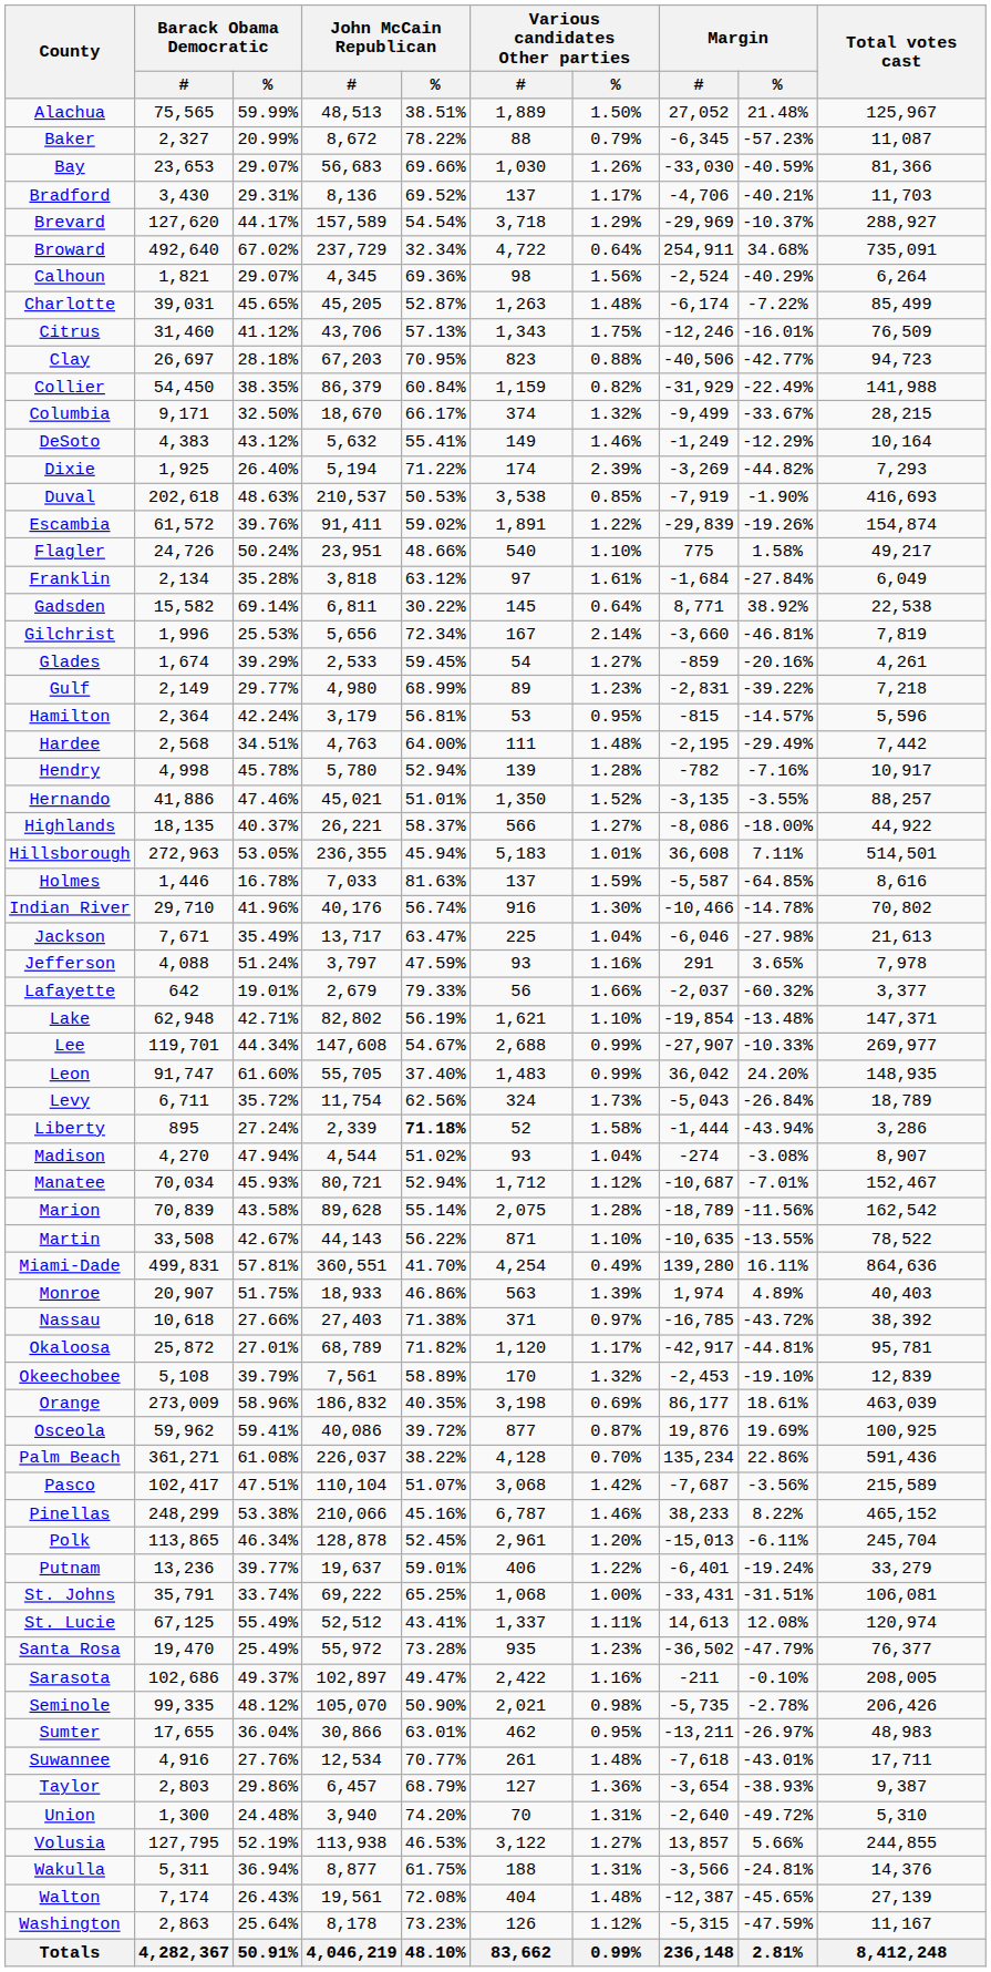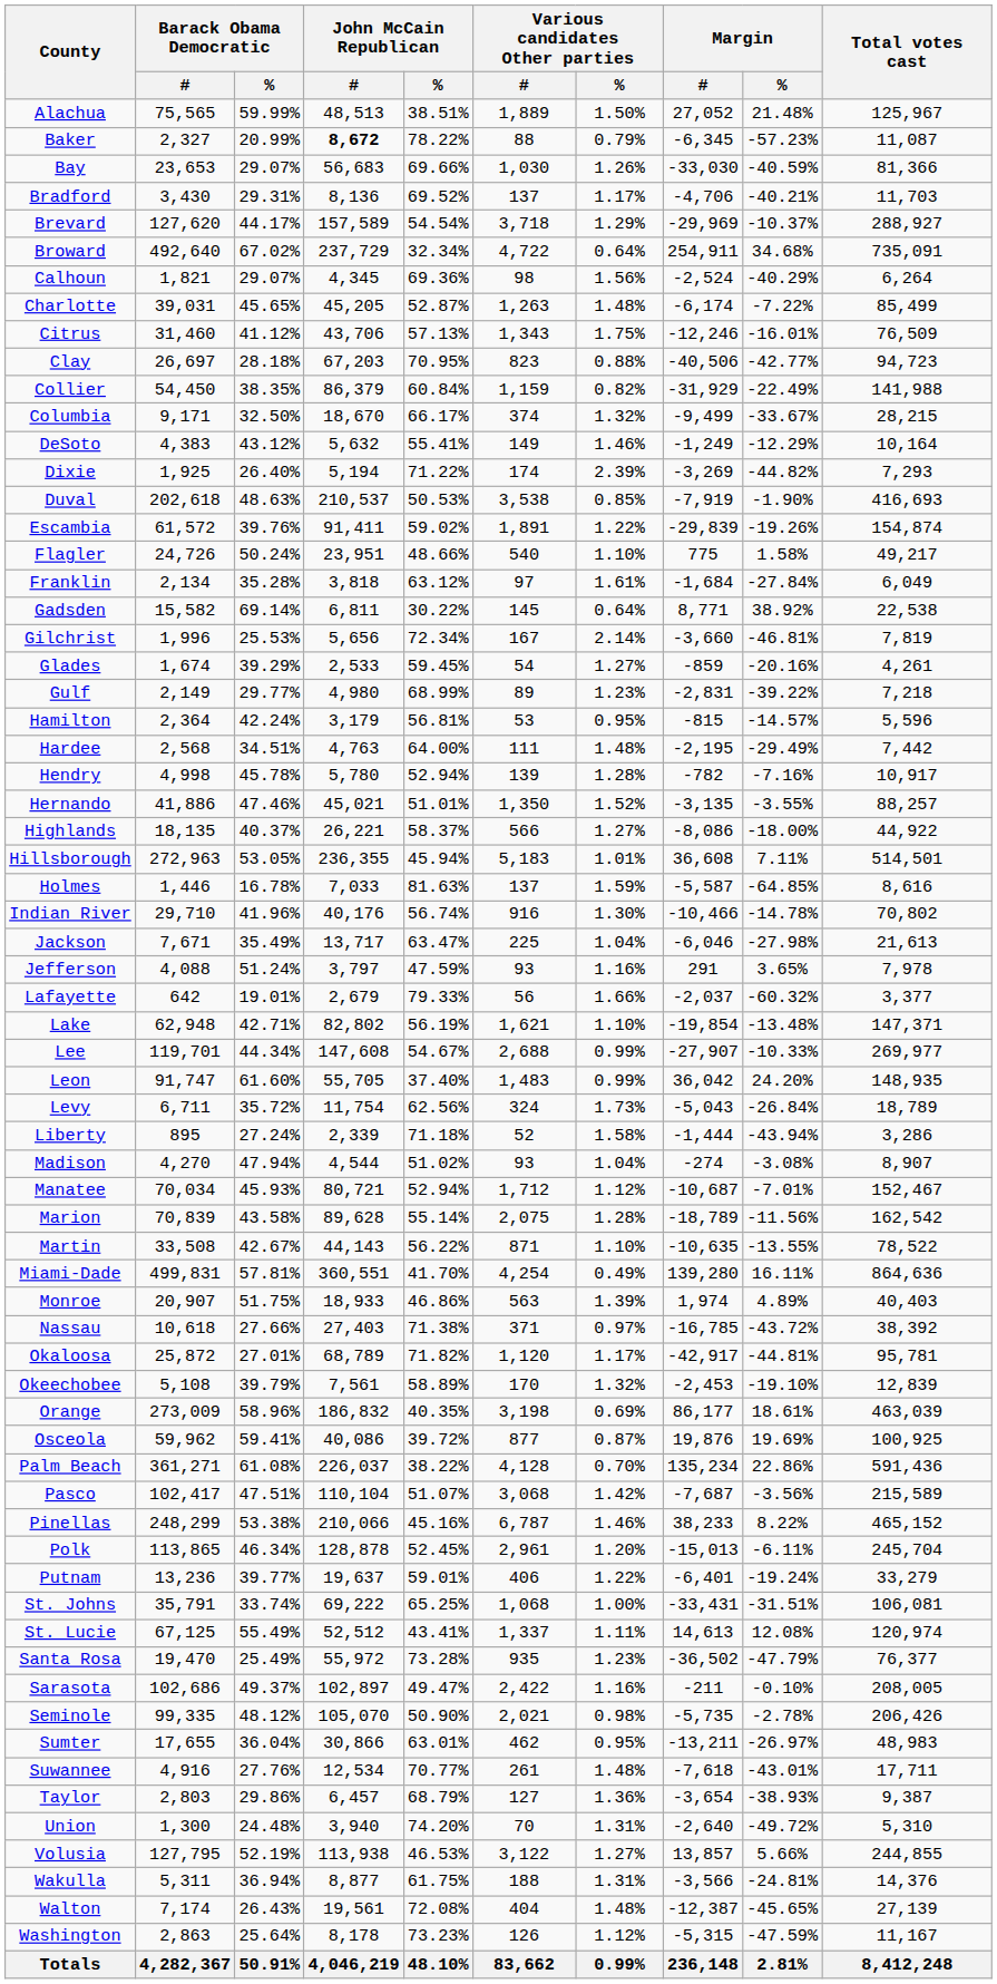 <table width="60%"  class="wikitable sortable" style="text-align:center">
 <tr>
 <th style="text-align:center;" rowspan="2">County</th>
 <th style="text-align:center;" colspan="2">Barack Obama<br>Democratic</th>
 <th style="text-align:center;" colspan="2">John McCain<br>Republican</th>
 <th style="text-align:center;" colspan="2">Various candidates<br>Other parties</th>
 <th style="text-align:center;" colspan="2">Margin</th>
 <th style="text-align:center;" rowspan="2">Total votes cast</th>
 </tr>
 <tr>
 <th style="text-align:center;" data-sort-type="number">#</th>
 <th style="text-align:center;" data-sort-type="number">%</th>
 <th style="text-align:center;" data-sort-type="number">#</th>
 <th style="text-align:center;" data-sort-type="number">%</th>
 <th style="text-align:center;" data-sort-type="number">#</th>
 <th style="text-align:center;" data-sort-type="number">%</th>
 <th style="text-align:center;" data-sort-type="number">#</th>
 <th style="text-align:center;" data-sort-type="number">%</th>
 </tr>
 <tr style="text-align:center;">
 <td><a href='#'>Alachua</a></td>
 <td>75,565</td>
 <td>59.99%</td>
 <td>48,513</td>
 <td>38.51%</td>
 <td>1,889</td>
 <td>1.50%</td>
 <td>27,052</td>
 <td>21.48%</td>
 <td>125,967</td>
 </tr>
 <tr style="text-align:center;">
 <td><a href='#'>Baker</a></td>
 <td>2,327</td>
 <td>20.99%</td>
-<td>8,672</td>
+<td><strong>8,672</strong></td>
 <td>78.22%</td>
 <td>88</td>
 <td>0.79%</td>
 <td>-6,345</td>
 <td>-57.23%</td>
 <td>11,087</td>
 </tr>
 <tr style="text-align:center;">
 <td><a href='#'>Bay</a></td>
 <td>23,653</td>
 <td>29.07%</td>
 <td>56,683</td>
 <td>69.66%</td>
 <td>1,030</td>
 <td>1.26%</td>
 <td>-33,030</td>
 <td>-40.59%</td>
 <td>81,366</td>
 </tr>
 <tr style="text-align:center;">
 <td><a href='#'>Bradford</a></td>
 <td>3,430</td>
 <td>29.31%</td>
 <td>8,136</td>
 <td>69.52%</td>
 <td>137</td>
 <td>1.17%</td>
 <td>-4,706</td>
 <td>-40.21%</td>
 <td>11,703</td>
 </tr>
 <tr style="text-align:center;">
 <td><a href='#'>Brevard</a></td>
 <td>127,620</td>
 <td>44.17%</td>
 <td>157,589</td>
 <td>54.54%</td>
 <td>3,718</td>
 <td>1.29%</td>
 <td>-29,969</td>
 <td>-10.37%</td>
 <td>288,927</td>
 </tr>
 <tr style="text-align:center;">
 <td><a href='#'>Broward</a></td>
 <td>492,640</td>
 <td>67.02%</td>
 <td>237,729</td>
 <td>32.34%</td>
 <td>4,722</td>
 <td>0.64%</td>
 <td>254,911</td>
 <td>34.68%</td>
 <td>735,091</td>
 </tr>
 <tr style="text-align:center;">
 <td><a href='#'>Calhoun</a></td>
 <td>1,821</td>
 <td>29.07%</td>
 <td>4,345</td>
 <td>69.36%</td>
 <td>98</td>
 <td>1.56%</td>
 <td>-2,524</td>
 <td>-40.29%</td>
 <td>6,264</td>
 </tr>
 <tr style="text-align:center;">
 <td><a href='#'>Charlotte</a></td>
 <td>39,031</td>
 <td>45.65%</td>
 <td>45,205</td>
 <td>52.87%</td>
 <td>1,263</td>
 <td>1.48%</td>
 <td>-6,174</td>
 <td>-7.22%</td>
 <td>85,499</td>
 </tr>
 <tr style="text-align:center;">
 <td><a href='#'>Citrus</a></td>
 <td>31,460</td>
 <td>41.12%</td>
 <td>43,706</td>
 <td>57.13%</td>
 <td>1,343</td>
 <td>1.75%</td>
 <td>-12,246</td>
 <td>-16.01%</td>
 <td>76,509</td>
 </tr>
 <tr style="text-align:center;">
 <td><a href='#'>Clay</a></td>
 <td>26,697</td>
 <td>28.18%</td>
 <td>67,203</td>
 <td>70.95%</td>
 <td>823</td>
 <td>0.88%</td>
 <td>-40,506</td>
 <td>-42.77%</td>
 <td>94,723</td>
 </tr>
 <tr style="text-align:center;">
 <td><a href='#'>Collier</a></td>
 <td>54,450</td>
 <td>38.35%</td>
 <td>86,379</td>
 <td>60.84%</td>
 <td>1,159</td>
 <td>0.82%</td>
 <td>-31,929</td>
 <td>-22.49%</td>
 <td>141,988</td>
 </tr>
 <tr style="text-align:center;">
 <td><a href='#'>Columbia</a></td>
 <td>9,171</td>
 <td>32.50%</td>
 <td>18,670</td>
 <td>66.17%</td>
 <td>374</td>
 <td>1.32%</td>
 <td>-9,499</td>
 <td>-33.67%</td>
 <td>28,215</td>
 </tr>
 <tr style="text-align:center;">
 <td><a href='#'>DeSoto</a></td>
 <td>4,383</td>
 <td>43.12%</td>
 <td>5,632</td>
 <td>55.41%</td>
 <td>149</td>
 <td>1.46%</td>
 <td>-1,249</td>
 <td>-12.29%</td>
 <td>10,164</td>
 </tr>
 <tr style="text-align:center;">
 <td><a href='#'>Dixie</a></td>
 <td>1,925</td>
 <td>26.40%</td>
 <td>5,194</td>
 <td>71.22%</td>
 <td>174</td>
 <td>2.39%</td>
 <td>-3,269</td>
 <td>-44.82%</td>
 <td>7,293</td>
 </tr>
 <tr style="text-align:center;">
 <td><a href='#'>Duval</a></td>
 <td>202,618</td>
 <td>48.63%</td>
 <td>210,537</td>
 <td>50.53%</td>
 <td>3,538</td>
 <td>0.85%</td>
 <td>-7,919</td>
 <td>-1.90%</td>
 <td>416,693</td>
 </tr>
 <tr style="text-align:center;">
 <td><a href='#'>Escambia</a></td>
 <td>61,572</td>
 <td>39.76%</td>
 <td>91,411</td>
 <td>59.02%</td>
 <td>1,891</td>
 <td>1.22%</td>
 <td>-29,839</td>
 <td>-19.26%</td>
 <td>154,874</td>
 </tr>
 <tr style="text-align:center;">
 <td><a href='#'>Flagler</a></td>
 <td>24,726</td>
 <td>50.24%</td>
 <td>23,951</td>
 <td>48.66%</td>
 <td>540</td>
 <td>1.10%</td>
 <td>775</td>
 <td>1.58%</td>
 <td>49,217</td>
 </tr>
 <tr style="text-align:center;">
 <td><a href='#'>Franklin</a></td>
 <td>2,134</td>
 <td>35.28%</td>
 <td>3,818</td>
 <td>63.12%</td>
 <td>97</td>
 <td>1.61%</td>
 <td>-1,684</td>
 <td>-27.84%</td>
 <td>6,049</td>
 </tr>
 <tr style="text-align:center;">
 <td><a href='#'>Gadsden</a></td>
 <td>15,582</td>
 <td>69.14%</td>
 <td>6,811</td>
 <td>30.22%</td>
 <td>145</td>
 <td>0.64%</td>
 <td>8,771</td>
 <td>38.92%</td>
 <td>22,538</td>
 </tr>
 <tr style="text-align:center;">
 <td><a href='#'>Gilchrist</a></td>
 <td>1,996</td>
 <td>25.53%</td>
 <td>5,656</td>
 <td>72.34%</td>
 <td>167</td>
 <td>2.14%</td>
 <td>-3,660</td>
 <td>-46.81%</td>
 <td>7,819</td>
 </tr>
 <tr style="text-align:center;">
 <td><a href='#'>Glades</a></td>
 <td>1,674</td>
 <td>39.29%</td>
 <td>2,533</td>
 <td>59.45%</td>
 <td>54</td>
 <td>1.27%</td>
 <td>-859</td>
 <td>-20.16%</td>
 <td>4,261</td>
 </tr>
 <tr style="text-align:center;">
 <td><a href='#'>Gulf</a></td>
 <td>2,149</td>
 <td>29.77%</td>
 <td>4,980</td>
 <td>68.99%</td>
 <td>89</td>
 <td>1.23%</td>
 <td>-2,831</td>
 <td>-39.22%</td>
 <td>7,218</td>
 </tr>
 <tr style="text-align:center;">
 <td><a href='#'>Hamilton</a></td>
 <td>2,364</td>
 <td>42.24%</td>
 <td>3,179</td>
 <td>56.81%</td>
 <td>53</td>
 <td>0.95%</td>
 <td>-815</td>
 <td>-14.57%</td>
 <td>5,596</td>
 </tr>
 <tr style="text-align:center;">
 <td><a href='#'>Hardee</a></td>
 <td>2,568</td>
 <td>34.51%</td>
 <td>4,763</td>
 <td>64.00%</td>
 <td>111</td>
 <td>1.48%</td>
 <td>-2,195</td>
 <td>-29.49%</td>
 <td>7,442</td>
 </tr>
 <tr style="text-align:center;">
 <td><a href='#'>Hendry</a></td>
 <td>4,998</td>
 <td>45.78%</td>
 <td>5,780</td>
 <td>52.94%</td>
 <td>139</td>
 <td>1.28%</td>
 <td>-782</td>
 <td>-7.16%</td>
 <td>10,917</td>
 </tr>
 <tr style="text-align:center;">
 <td><a href='#'>Hernando</a></td>
 <td>41,886</td>
 <td>47.46%</td>
 <td>45,021</td>
 <td>51.01%</td>
 <td>1,350</td>
 <td>1.52%</td>
 <td>-3,135</td>
 <td>-3.55%</td>
 <td>88,257</td>
 </tr>
 <tr style="text-align:center;">
 <td><a href='#'>Highlands</a></td>
 <td>18,135</td>
 <td>40.37%</td>
 <td>26,221</td>
 <td>58.37%</td>
 <td>566</td>
 <td>1.27%</td>
 <td>-8,086</td>
 <td>-18.00%</td>
 <td>44,922</td>
 </tr>
 <tr style="text-align:center;">
 <td><a href='#'>Hillsborough</a></td>
 <td>272,963</td>
 <td>53.05%</td>
 <td>236,355</td>
 <td>45.94%</td>
 <td>5,183</td>
 <td>1.01%</td>
 <td>36,608</td>
 <td>7.11%</td>
 <td>514,501</td>
 </tr>
 <tr style="text-align:center;">
 <td><a href='#'>Holmes</a></td>
 <td>1,446</td>
 <td>16.78%</td>
 <td>7,033</td>
 <td>81.63%</td>
 <td>137</td>
 <td>1.59%</td>
 <td>-5,587</td>
 <td>-64.85%</td>
 <td>8,616</td>
 </tr>
 <tr style="text-align:center;">
 <td><a href='#'>Indian River</a></td>
 <td>29,710</td>
 <td>41.96%</td>
 <td>40,176</td>
 <td>56.74%</td>
 <td>916</td>
 <td>1.30%</td>
 <td>-10,466</td>
 <td>-14.78%</td>
 <td>70,802</td>
 </tr>
 <tr style="text-align:center;">
 <td><a href='#'>Jackson</a></td>
 <td>7,671</td>
 <td>35.49%</td>
 <td>13,717</td>
 <td>63.47%</td>
 <td>225</td>
 <td>1.04%</td>
 <td>-6,046</td>
 <td>-27.98%</td>
 <td>21,613</td>
 </tr>
 <tr style="text-align:center;">
 <td><a href='#'>Jefferson</a></td>
 <td>4,088</td>
 <td>51.24%</td>
 <td>3,797</td>
 <td>47.59%</td>
 <td>93</td>
 <td>1.16%</td>
 <td>291</td>
 <td>3.65%</td>
 <td>7,978</td>
 </tr>
 <tr style="text-align:center;">
 <td><a href='#'>Lafayette</a></td>
 <td>642</td>
 <td>19.01%</td>
 <td>2,679</td>
 <td>79.33%</td>
 <td>56</td>
 <td>1.66%</td>
 <td>-2,037</td>
 <td>-60.32%</td>
 <td>3,377</td>
 </tr>
 <tr style="text-align:center;">
 <td><a href='#'>Lake</a></td>
 <td>62,948</td>
 <td>42.71%</td>
 <td>82,802</td>
 <td>56.19%</td>
 <td>1,621</td>
 <td>1.10%</td>
 <td>-19,854</td>
 <td>-13.48%</td>
 <td>147,371</td>
 </tr>
 <tr style="text-align:center;">
 <td><a href='#'>Lee</a></td>
 <td>119,701</td>
 <td>44.34%</td>
 <td>147,608</td>
 <td>54.67%</td>
 <td>2,688</td>
 <td>0.99%</td>
 <td>-27,907</td>
 <td>-10.33%</td>
 <td>269,977</td>
 </tr>
 <tr style="text-align:center;">
 <td><a href='#'>Leon</a></td>
 <td>91,747</td>
 <td>61.60%</td>
 <td>55,705</td>
 <td>37.40%</td>
 <td>1,483</td>
 <td>0.99%</td>
 <td>36,042</td>
 <td>24.20%</td>
 <td>148,935</td>
 </tr>
 <tr style="text-align:center;">
 <td><a href='#'>Levy</a></td>
 <td>6,711</td>
 <td>35.72%</td>
 <td>11,754</td>
 <td>62.56%</td>
 <td>324</td>
 <td>1.73%</td>
 <td>-5,043</td>
 <td>-26.84%</td>
 <td>18,789</td>
 </tr>
 <tr style="text-align:center;">
 <td><a href='#'>Liberty</a></td>
 <td>895</td>
 <td>27.24%</td>
 <td>2,339</td>
-<td><strong>71.18%</strong></td>
+<td>71.18%</td>
 <td>52</td>
 <td>1.58%</td>
 <td>-1,444</td>
 <td>-43.94%</td>
 <td>3,286</td>
 </tr>
 <tr style="text-align:center;">
 <td><a href='#'>Madison</a></td>
 <td>4,270</td>
 <td>47.94%</td>
 <td>4,544</td>
 <td>51.02%</td>
 <td>93</td>
 <td>1.04%</td>
 <td>-274</td>
 <td>-3.08%</td>
 <td>8,907</td>
 </tr>
 <tr style="text-align:center;">
 <td><a href='#'>Manatee</a></td>
 <td>70,034</td>
 <td>45.93%</td>
 <td>80,721</td>
 <td>52.94%</td>
 <td>1,712</td>
 <td>1.12%</td>
 <td>-10,687</td>
 <td>-7.01%</td>
 <td>152,467</td>
 </tr>
 <tr style="text-align:center;">
 <td><a href='#'>Marion</a></td>
 <td>70,839</td>
 <td>43.58%</td>
 <td>89,628</td>
 <td>55.14%</td>
 <td>2,075</td>
 <td>1.28%</td>
 <td>-18,789</td>
 <td>-11.56%</td>
 <td>162,542</td>
 </tr>
 <tr style="text-align:center;">
 <td><a href='#'>Martin</a></td>
 <td>33,508</td>
 <td>42.67%</td>
 <td>44,143</td>
 <td>56.22%</td>
 <td>871</td>
 <td>1.10%</td>
 <td>-10,635</td>
 <td>-13.55%</td>
 <td>78,522</td>
 </tr>
 <tr style="text-align:center;">
 <td><a href='#'>Miami-Dade</a></td>
 <td>499,831</td>
 <td>57.81%</td>
 <td>360,551</td>
 <td>41.70%</td>
 <td>4,254</td>
 <td>0.49%</td>
 <td>139,280</td>
 <td>16.11%</td>
 <td>864,636</td>
 </tr>
 <tr style="text-align:center;">
 <td><a href='#'>Monroe</a></td>
 <td>20,907</td>
 <td>51.75%</td>
 <td>18,933</td>
 <td>46.86%</td>
 <td>563</td>
 <td>1.39%</td>
 <td>1,974</td>
 <td>4.89%</td>
 <td>40,403</td>
 </tr>
 <tr style="text-align:center;">
 <td><a href='#'>Nassau</a></td>
 <td>10,618</td>
 <td>27.66%</td>
 <td>27,403</td>
 <td>71.38%</td>
 <td>371</td>
 <td>0.97%</td>
 <td>-16,785</td>
 <td>-43.72%</td>
 <td>38,392</td>
 </tr>
 <tr style="text-align:center;">
 <td><a href='#'>Okaloosa</a></td>
 <td>25,872</td>
 <td>27.01%</td>
 <td>68,789</td>
 <td>71.82%</td>
 <td>1,120</td>
 <td>1.17%</td>
 <td>-42,917</td>
 <td>-44.81%</td>
 <td>95,781</td>
 </tr>
 <tr style="text-align:center;">
 <td><a href='#'>Okeechobee</a></td>
 <td>5,108</td>
 <td>39.79%</td>
 <td>7,561</td>
 <td>58.89%</td>
 <td>170</td>
 <td>1.32%</td>
 <td>-2,453</td>
 <td>-19.10%</td>
 <td>12,839</td>
 </tr>
 <tr style="text-align:center;">
 <td><a href='#'>Orange</a></td>
 <td>273,009</td>
 <td>58.96%</td>
 <td>186,832</td>
 <td>40.35%</td>
 <td>3,198</td>
 <td>0.69%</td>
 <td>86,177</td>
 <td>18.61%</td>
 <td>463,039</td>
 </tr>
 <tr style="text-align:center;">
 <td><a href='#'>Osceola</a></td>
 <td>59,962</td>
 <td>59.41%</td>
 <td>40,086</td>
 <td>39.72%</td>
 <td>877</td>
 <td>0.87%</td>
 <td>19,876</td>
 <td>19.69%</td>
 <td>100,925</td>
 </tr>
 <tr style="text-align:center;">
 <td><a href='#'>Palm Beach</a></td>
 <td>361,271</td>
 <td>61.08%</td>
 <td>226,037</td>
 <td>38.22%</td>
 <td>4,128</td>
 <td>0.70%</td>
 <td>135,234</td>
 <td>22.86%</td>
 <td>591,436</td>
 </tr>
 <tr style="text-align:center;">
 <td><a href='#'>Pasco</a></td>
 <td>102,417</td>
 <td>47.51%</td>
 <td>110,104</td>
 <td>51.07%</td>
 <td>3,068</td>
 <td>1.42%</td>
 <td>-7,687</td>
 <td>-3.56%</td>
 <td>215,589</td>
 </tr>
 <tr style="text-align:center;">
 <td><a href='#'>Pinellas</a></td>
 <td>248,299</td>
 <td>53.38%</td>
 <td>210,066</td>
 <td>45.16%</td>
 <td>6,787</td>
 <td>1.46%</td>
 <td>38,233</td>
 <td>8.22%</td>
 <td>465,152</td>
 </tr>
 <tr style="text-align:center;">
 <td><a href='#'>Polk</a></td>
 <td>113,865</td>
 <td>46.34%</td>
 <td>128,878</td>
 <td>52.45%</td>
 <td>2,961</td>
 <td>1.20%</td>
 <td>-15,013</td>
 <td>-6.11%</td>
 <td>245,704</td>
 </tr>
 <tr style="text-align:center;">
 <td><a href='#'>Putnam</a></td>
 <td>13,236</td>
 <td>39.77%</td>
 <td>19,637</td>
 <td>59.01%</td>
 <td>406</td>
 <td>1.22%</td>
 <td>-6,401</td>
 <td>-19.24%</td>
 <td>33,279</td>
 </tr>
 <tr style="text-align:center;">
 <td><a href='#'>St. Johns</a></td>
 <td>35,791</td>
 <td>33.74%</td>
 <td>69,222</td>
 <td>65.25%</td>
 <td>1,068</td>
 <td>1.00%</td>
 <td>-33,431</td>
 <td>-31.51%</td>
 <td>106,081</td>
 </tr>
 <tr style="text-align:center;">
 <td><a href='#'>St. Lucie</a></td>
 <td>67,125</td>
 <td>55.49%</td>
 <td>52,512</td>
 <td>43.41%</td>
 <td>1,337</td>
 <td>1.11%</td>
 <td>14,613</td>
 <td>12.08%</td>
 <td>120,974</td>
 </tr>
 <tr style="text-align:center;">
 <td><a href='#'>Santa Rosa</a></td>
 <td>19,470</td>
 <td>25.49%</td>
 <td>55,972</td>
 <td>73.28%</td>
 <td>935</td>
 <td>1.23%</td>
 <td>-36,502</td>
 <td>-47.79%</td>
 <td>76,377</td>
 </tr>
 <tr style="text-align:center;">
 <td><a href='#'>Sarasota</a></td>
 <td>102,686</td>
 <td>49.37%</td>
 <td>102,897</td>
 <td>49.47%</td>
 <td>2,422</td>
 <td>1.16%</td>
 <td>-211</td>
 <td>-0.10%</td>
 <td>208,005</td>
 </tr>
 <tr style="text-align:center;">
 <td><a href='#'>Seminole</a></td>
 <td>99,335</td>
 <td>48.12%</td>
 <td>105,070</td>
 <td>50.90%</td>
 <td>2,021</td>
 <td>0.98%</td>
 <td>-5,735</td>
 <td>-2.78%</td>
 <td>206,426</td>
 </tr>
 <tr style="text-align:center;">
 <td><a href='#'>Sumter</a></td>
 <td>17,655</td>
 <td>36.04%</td>
 <td>30,866</td>
 <td>63.01%</td>
 <td>462</td>
 <td>0.95%</td>
 <td>-13,211</td>
 <td>-26.97%</td>
 <td>48,983</td>
 </tr>
 <tr style="text-align:center;">
 <td><a href='#'>Suwannee</a></td>
 <td>4,916</td>
 <td>27.76%</td>
 <td>12,534</td>
 <td>70.77%</td>
 <td>261</td>
 <td>1.48%</td>
 <td>-7,618</td>
 <td>-43.01%</td>
 <td>17,711</td>
 </tr>
 <tr style="text-align:center;">
 <td><a href='#'>Taylor</a></td>
 <td>2,803</td>
 <td>29.86%</td>
 <td>6,457</td>
 <td>68.79%</td>
 <td>127</td>
 <td>1.36%</td>
 <td>-3,654</td>
 <td>-38.93%</td>
 <td>9,387</td>
 </tr>
 <tr style="text-align:center;">
 <td><a href='#'>Union</a></td>
 <td>1,300</td>
 <td>24.48%</td>
 <td>3,940</td>
 <td>74.20%</td>
 <td>70</td>
 <td>1.31%</td>
 <td>-2,640</td>
 <td>-49.72%</td>
 <td>5,310</td>
 </tr>
 <tr style="text-align:center;">
 <td><a href='#'>Volusia</a></td>
 <td>127,795</td>
 <td>52.19%</td>
 <td>113,938</td>
 <td>46.53%</td>
 <td>3,122</td>
 <td>1.27%</td>
 <td>13,857</td>
 <td>5.66%</td>
 <td>244,855</td>
 </tr>
 <tr style="text-align:center;">
 <td><a href='#'>Wakulla</a></td>
 <td>5,311</td>
 <td>36.94%</td>
 <td>8,877</td>
 <td>61.75%</td>
 <td>188</td>
 <td>1.31%</td>
 <td>-3,566</td>
 <td>-24.81%</td>
 <td>14,376</td>
 </tr>
 <tr style="text-align:center;">
 <td><a href='#'>Walton</a></td>
 <td>7,174</td>
 <td>26.43%</td>
 <td>19,561</td>
 <td>72.08%</td>
 <td>404</td>
 <td>1.48%</td>
 <td>-12,387</td>
 <td>-45.65%</td>
 <td>27,139</td>
 </tr>
 <tr style="text-align:center;">
 <td><a href='#'>Washington</a></td>
 <td>2,863</td>
 <td>25.64%</td>
 <td>8,178</td>
 <td>73.23%</td>
 <td>126</td>
 <td>1.12%</td>
 <td>-5,315</td>
 <td>-47.59%</td>
 <td>11,167</td>
 </tr>
 <tr>
 <th>Totals</th>
 <th>4,282,367</th>
 <th>50.91%</th>
 <th>4,046,219</th>
 <th>48.10%</th>
 <th>83,662</th>
 <th>0.99%</th>
 <th>236,148</th>
 <th>2.81%</th>
 <th>8,412,248</th>
 </tr>
 </table>
